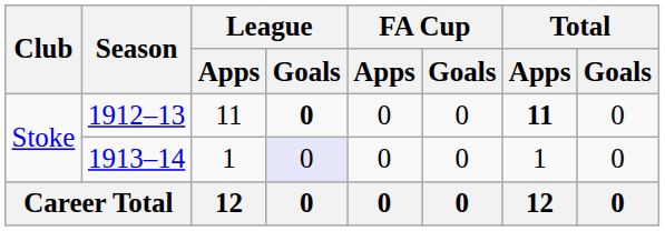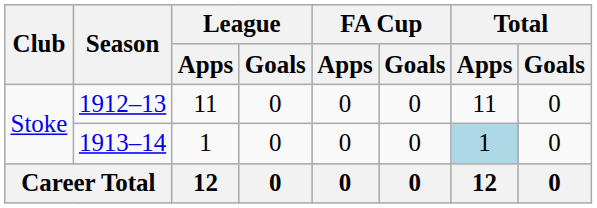 <table class="wikitable" style="text-align: center;">
 <tr>
 <th rowspan="2">Club</th>
 <th rowspan="2">Season</th>
 <th colspan="2">League</th>
 <th colspan="2">FA Cup</th>
 <th colspan="2">Total</th>
 </tr>
 <tr>
 <th>Apps</th>
 <th>Goals</th>
 <th>Apps</th>
 <th>Goals</th>
 <th>Apps</th>
 <th>Goals</th>
 </tr>
 <tr>
 <td rowspan="2"><a href='#'>Stoke</a></td>
 <td><a href='#'>1912–13</a></td>
 <td>11</td>
-<td><strong>0</strong></td>
 <td>0</td>
 <td>0</td>
-<td><strong>11</strong></td>
+<td>0</td>
+<td>11</td>
 <td>0</td>
 </tr>
 <tr>
 <td><a href='#'>1913–14</a></td>
 <td>1</td>
-<td style="background: lavender;">0</td>
 <td>0</td>
 <td>0</td>
-<td>1</td>
+<td>0</td>
+<td style="background: lightblue;">1</td>
 <td>0</td>
 </tr>
 <tr>
 <th colspan="2">Career Total</th>
 <th>12</th>
 <th>0</th>
 <th>0</th>
 <th>0</th>
 <th>12</th>
 <th>0</th>
 </tr>
 </table>
